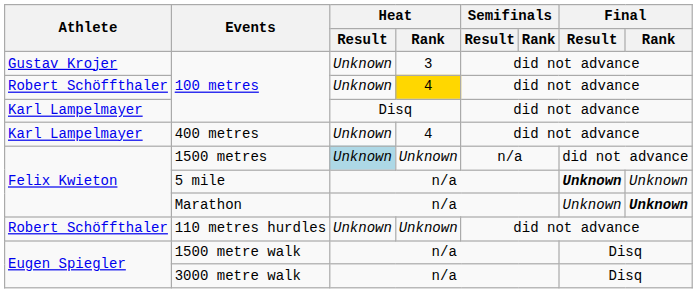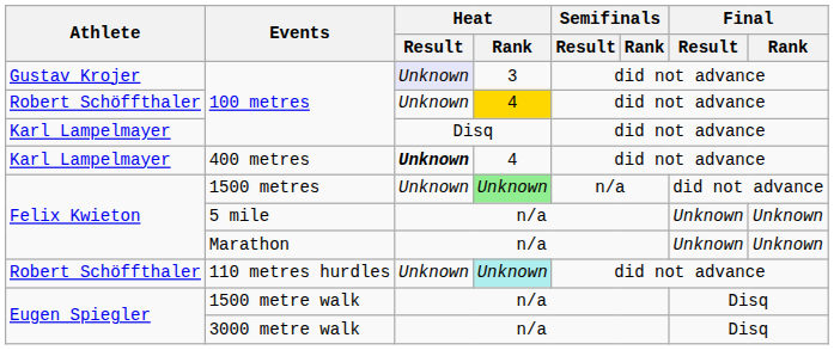 <table class=wikitable style="font-size:90%">
 <tr>
 <th rowspan="2">Athlete</th>
 <th rowspan="2">Events</th>
 <th colspan="2">Heat</th>
 <th colspan="2">Semifinals</th>
 <th colspan="2">Final</th>
 </tr>
 <tr>
 <th>Result</th>
 <th>Rank</th>
 <th>Result</th>
 <th>Rank</th>
 <th>Result</th>
 <th>Rank</th>
 </tr>
 <tr>
 <td><a href='#'>Gustav Krojer</a></td>
 <td rowspan=3><a href='#'>100 metres</a></td>
-<td align="center"><em>Unknown</em></td>
+<td align="center" style="background: lavender;"><em>Unknown</em></td>
 <td align="center">3</td>
 <td align="center" colspan=4>did not advance</td>
 </tr>
 <tr>
 <td><a href='#'>Robert Schöffthaler</a></td>
 <td align="center"><em>Unknown</em></td>
 <td align="center" style="background: gold;">4</td>
 <td align="center" colspan=4>did not advance</td>
 </tr>
 <tr>
 <td><a href='#'>Karl Lampelmayer</a></td>
 <td align="center" colspan=2>Disq</td>
 <td align="center" colspan=4>did not advance</td>
 </tr>
 <tr>
 <td><a href='#'>Karl Lampelmayer</a></td>
 <td>400 metres</td>
-<td align="center"><em>Unknown</em></td>
+<td align="center"><strong><em>Unknown</em></strong></td>
 <td align="center">4</td>
 <td align="center" colspan=4>did not advance</td>
 </tr>
 <tr>
 <td rowspan=3><a href='#'>Felix Kwieton</a></td>
 <td>1500 metres</td>
-<td align="center" style="background: lightblue;"><em>Unknown</em></td>
 <td align="center"><em>Unknown</em></td>
+<td align="center" style="background: lightgreen;"><em>Unknown</em></td>
 <td align="center" colspan=2>n/a</td>
 <td align="center" colspan=2>did not advance</td>
 </tr>
 <tr>
 <td>5 mile</td>
 <td align="center" colspan=4>n/a</td>
-<td align="center"><strong><em>Unknown</em></strong></td>
+<td align="center"><em>Unknown</em></td>
 <td align="center"><em>Unknown</em></td>
 </tr>
 <tr>
 <td>Marathon</td>
 <td align="center" colspan=4>n/a</td>
 <td align="center"><em>Unknown</em></td>
-<td align="center"><strong><em>Unknown</em></strong></td>
+<td align="center"><em>Unknown</em></td>
 </tr>
 <tr>
 <td><a href='#'>Robert Schöffthaler</a></td>
 <td>110 metres hurdles</td>
 <td align="center"><em>Unknown</em></td>
-<td align="center"><em>Unknown</em></td>
+<td align="center" style="background: paleturquoise;"><em>Unknown</em></td>
 <td align="center" colspan=4>did not advance</td>
 </tr>
 <tr>
 <td rowspan=2><a href='#'>Eugen Spiegler</a></td>
 <td>1500 metre walk</td>
 <td align="center" colspan=4>n/a</td>
 <td align="center" colspan=2>Disq</td>
 </tr>
 <tr>
 <td>3000 metre walk</td>
 <td align="center" colspan=4>n/a</td>
 <td align="center" colspan=2>Disq</td>
 </tr>
 </table>
